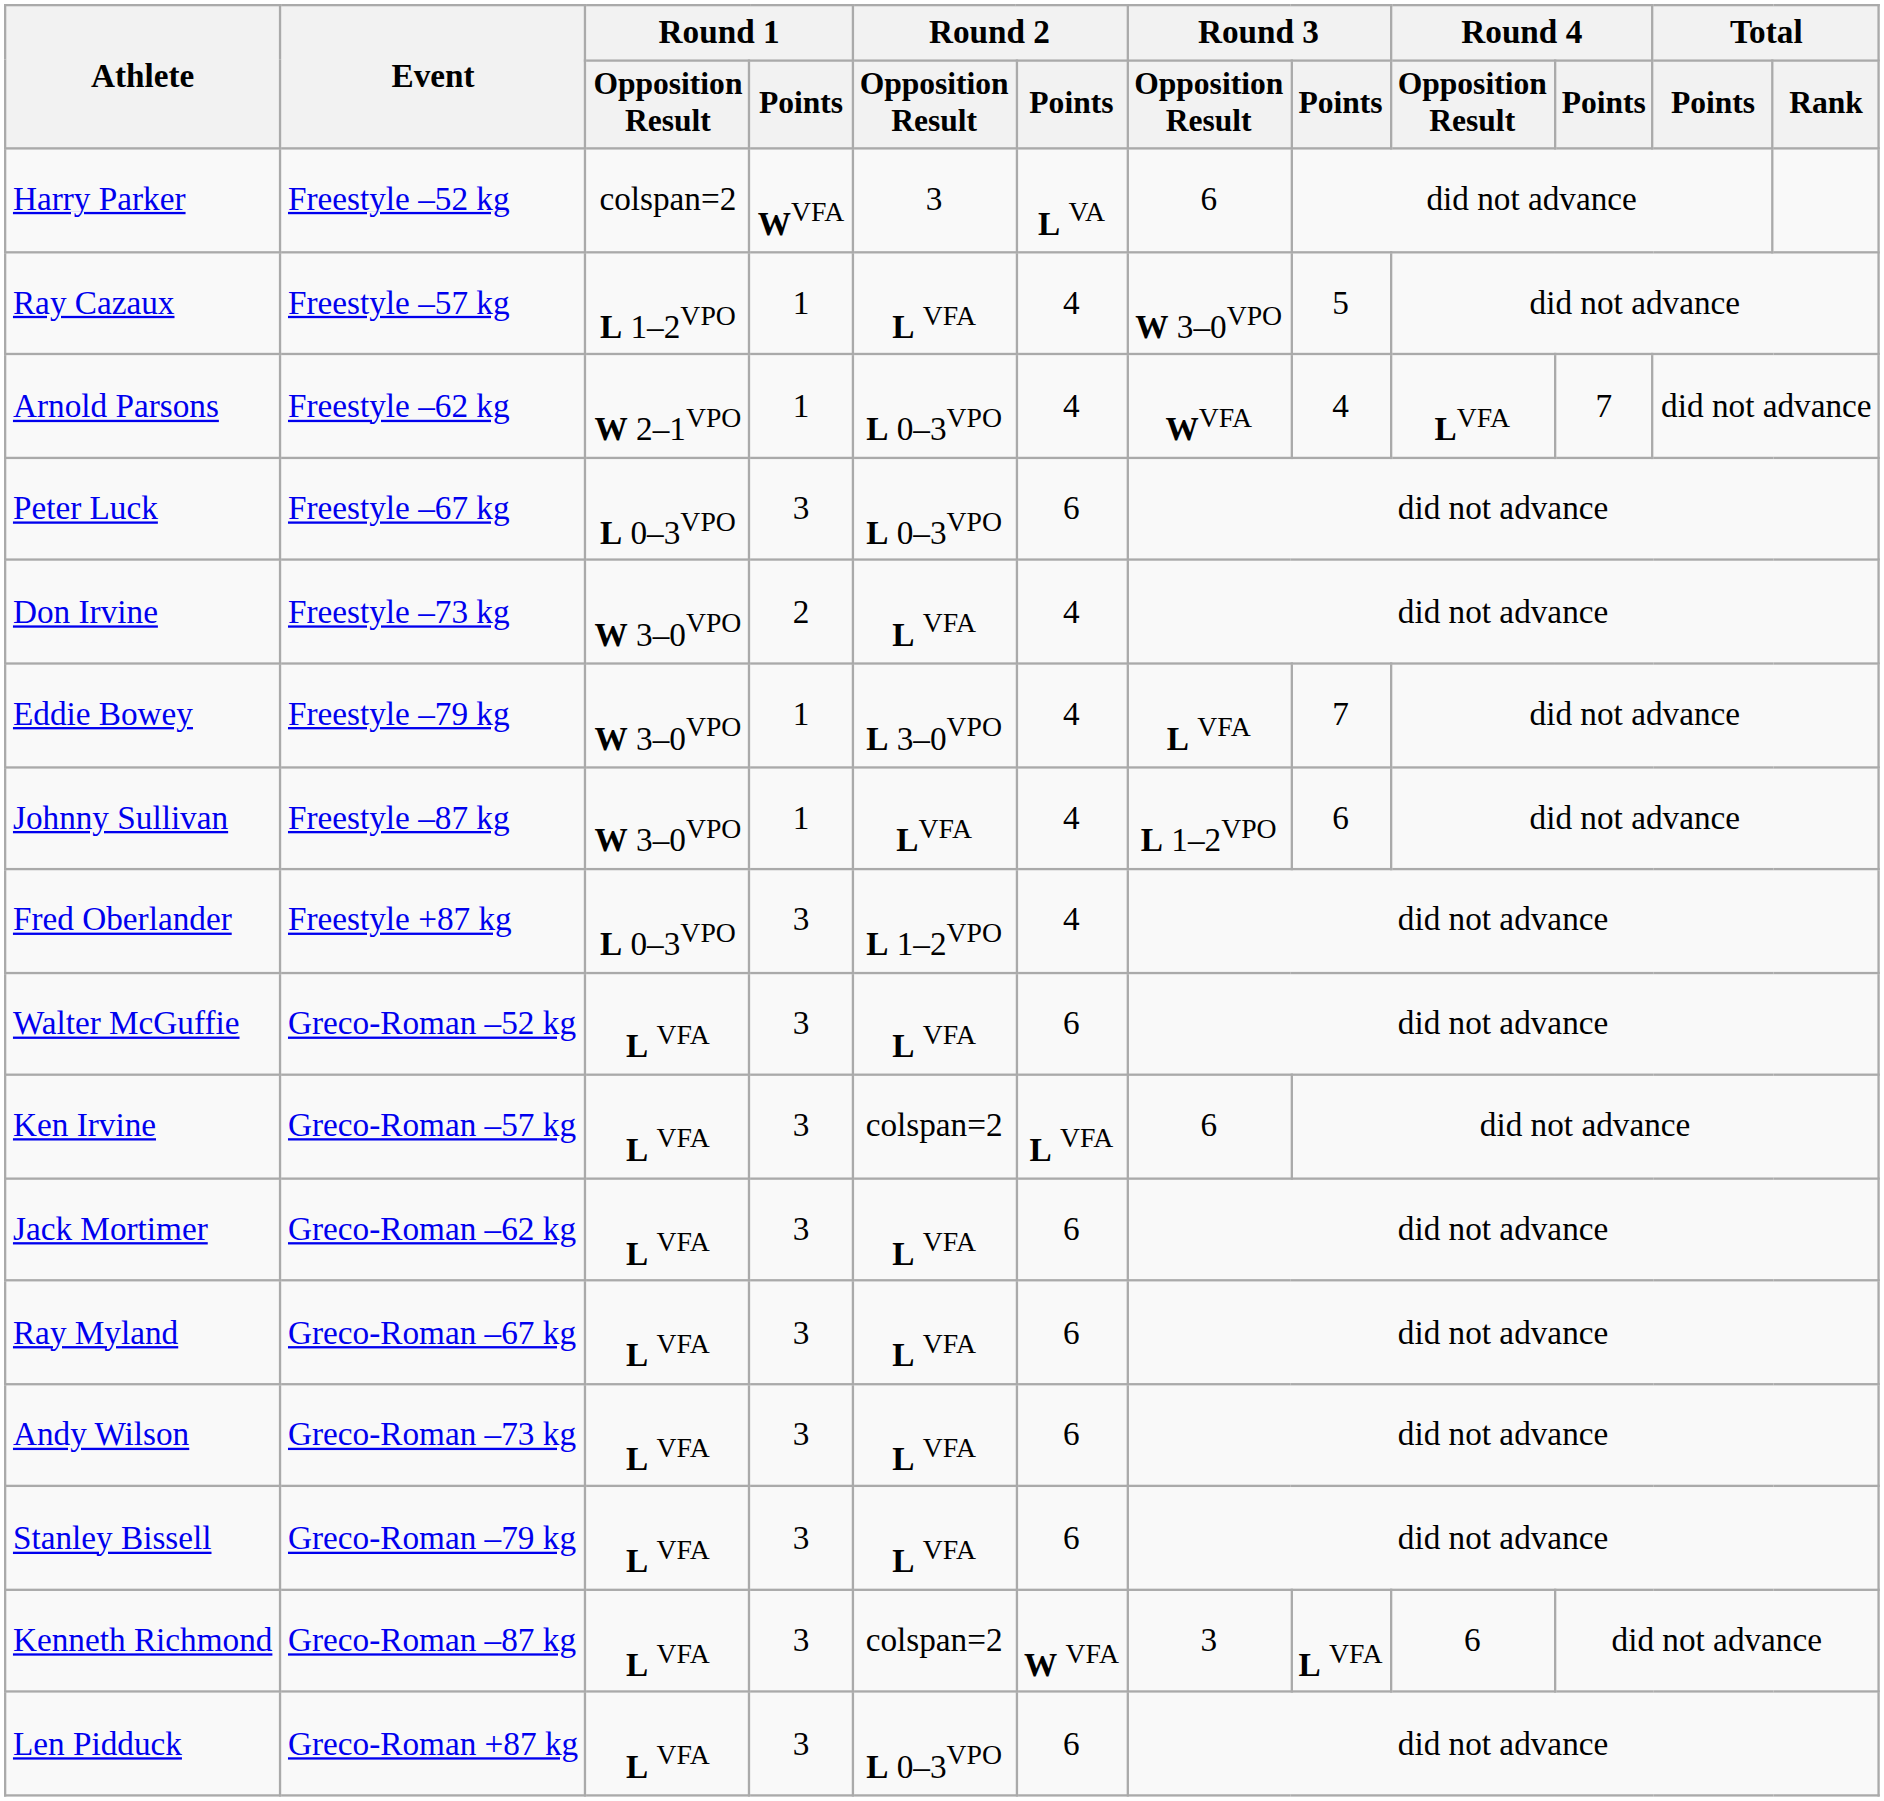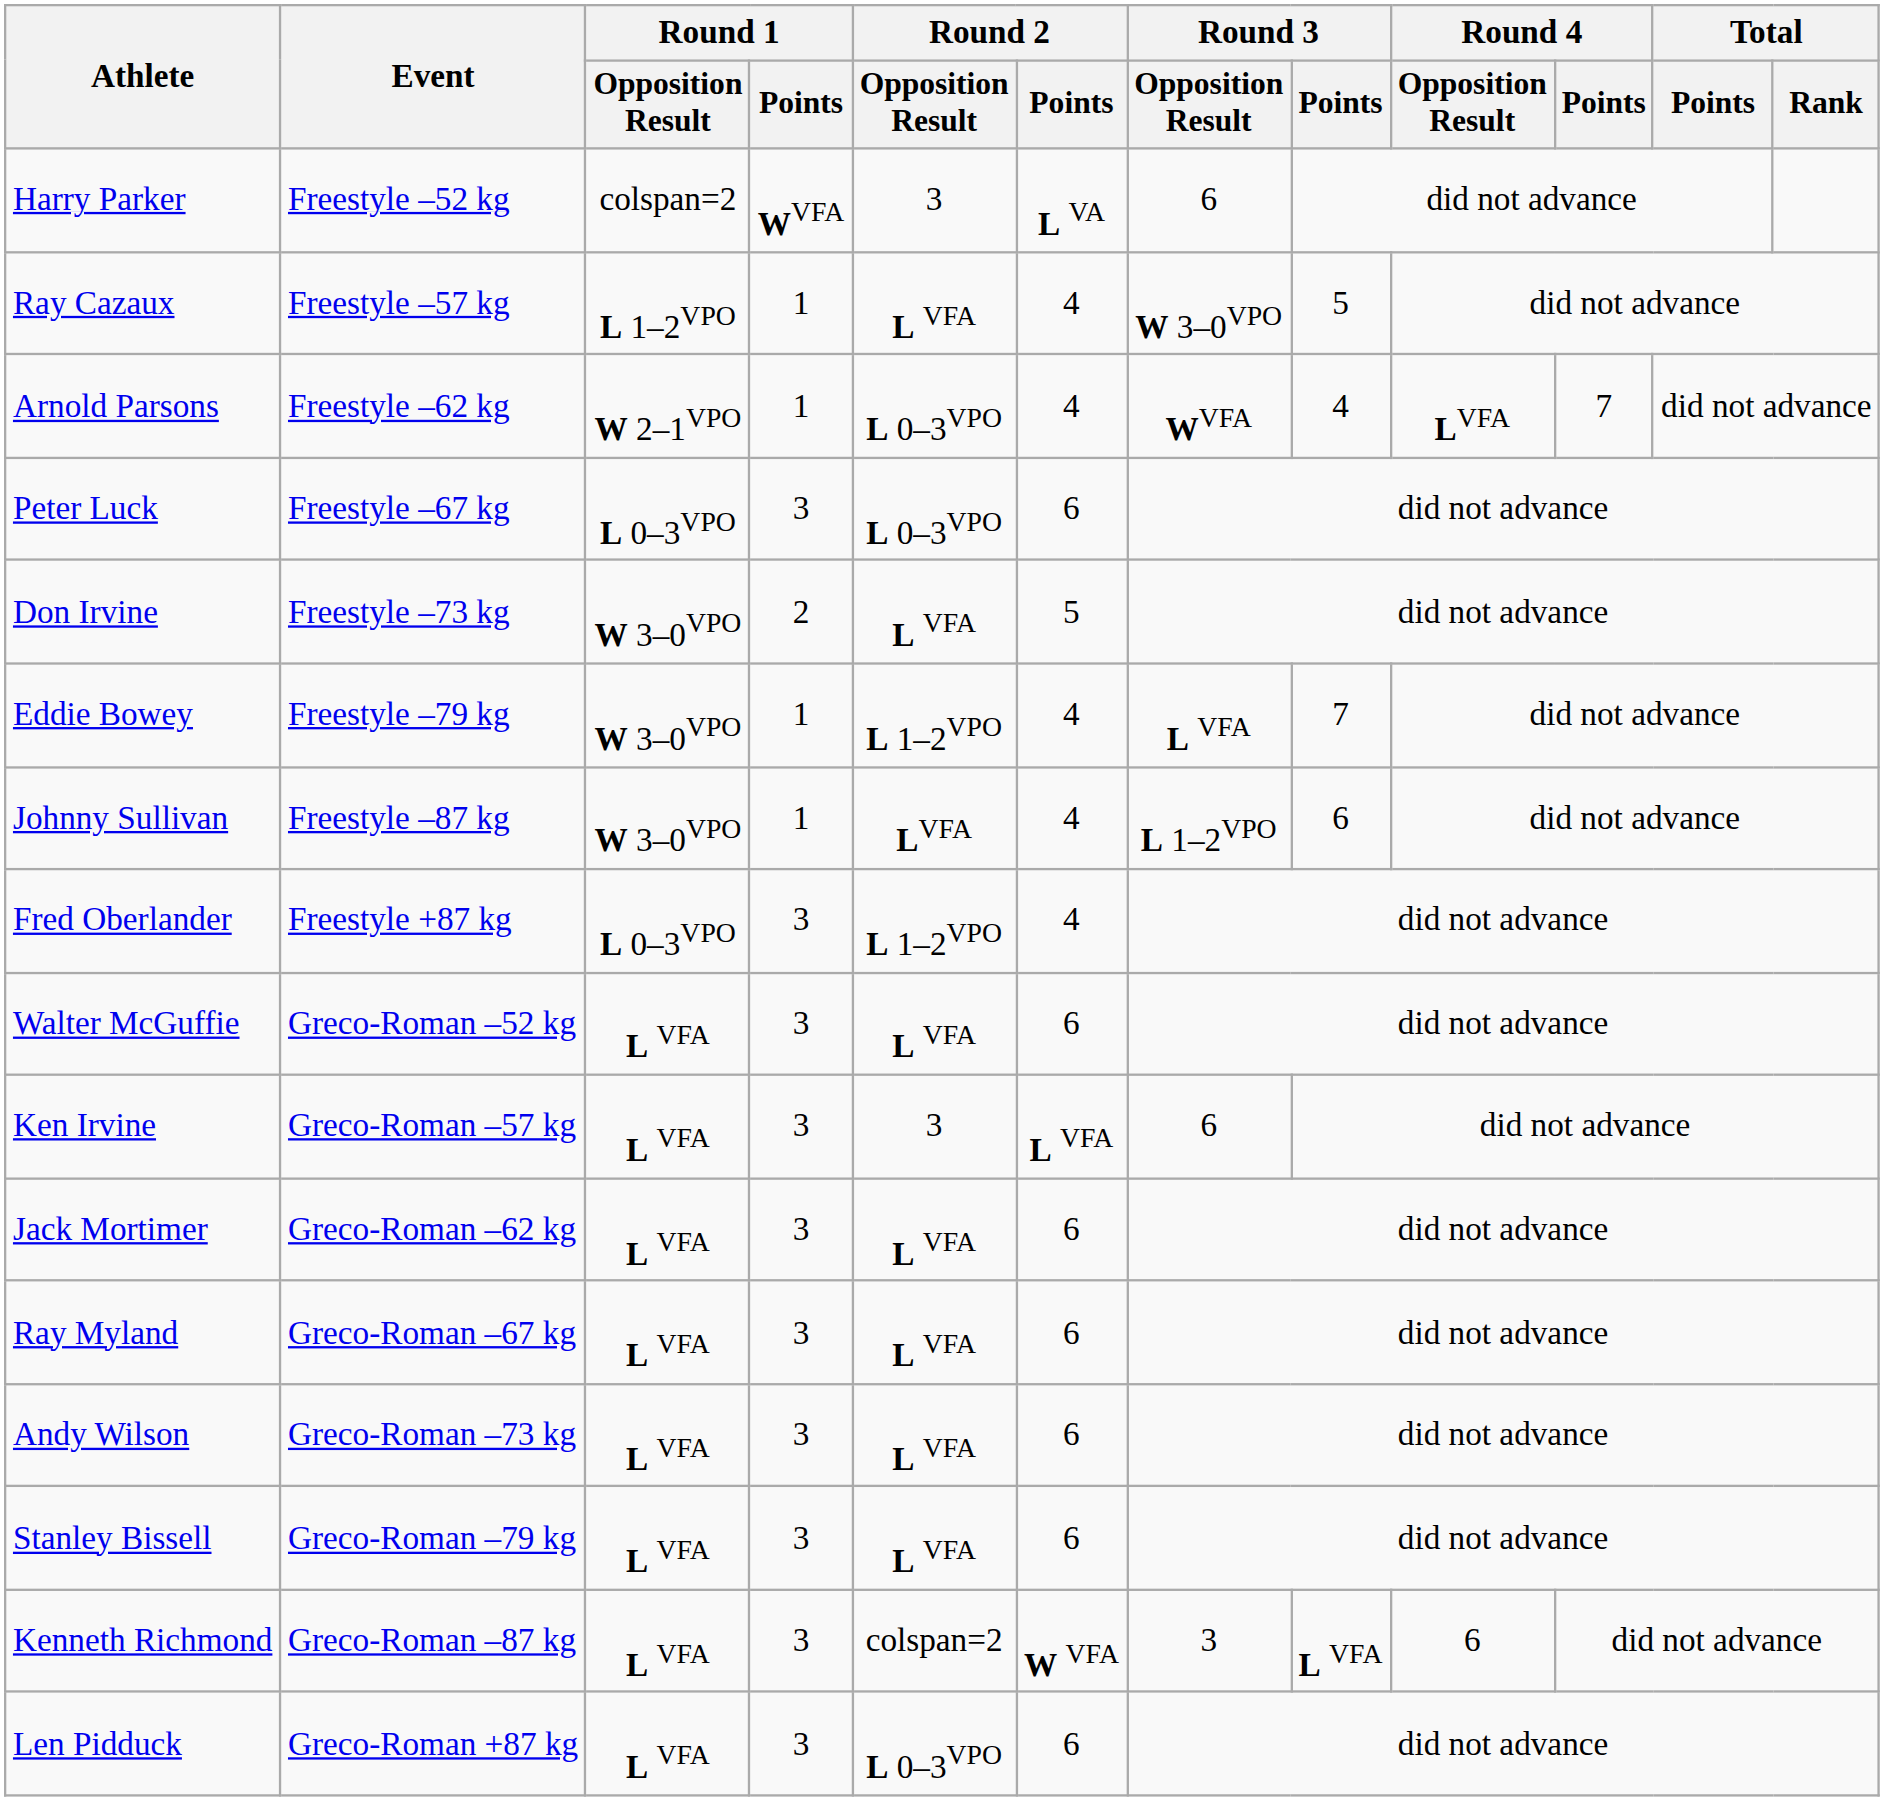 <table class=wikitable style=font-size:90%;text-align:center>
 <tr>
 <th rowspan=2>Athlete</th>
 <th rowspan=2>Event</th>
 <th colspan=2>Round 1</th>
 <th colspan=2>Round 2</th>
 <th colspan=2>Round 3</th>
 <th colspan=2>Round 4</th>
 <th colspan=2>Total</th>
 </tr>
 <tr style=font-size:95%>
 <th>Opposition<br>Result</th>
 <th>Points</th>
 <th>Opposition<br>Result</th>
 <th>Points</th>
 <th>Opposition<br>Result</th>
 <th>Points</th>
 <th>Opposition<br>Result</th>
 <th>Points</th>
 <th>Points</th>
 <th>Rank</th>
 </tr>
 <tr>
 <td align=left><a href='#'>Harry Parker</a></td>
 <td align=left><a href='#'>Freestyle –52 kg</a></td>
 <td>colspan=2 </td>
 <td><br><strong>W</strong><sup>VFA</sup></td>
 <td>3</td>
 <td><br><strong>L</strong> <sup>VA</sup></td>
 <td>6</td>
 <td colspan=4>did not advance</td>
 </tr>
 <tr>
 <td align=left><a href='#'>Ray Cazaux</a></td>
 <td align=left><a href='#'>Freestyle –57 kg</a></td>
 <td><br><strong>L</strong> 1–2<sup>VPO</sup></td>
 <td>1</td>
 <td><br><strong>L</strong> <sup>VFA</sup></td>
 <td>4</td>
 <td><br><strong>W</strong> 3–0<sup>VPO</sup></td>
 <td>5</td>
 <td colspan=4>did not advance</td>
 </tr>
 <tr>
 <td align=left><a href='#'>Arnold Parsons</a></td>
 <td align=left><a href='#'>Freestyle –62 kg</a></td>
 <td><br><strong>W</strong> 2–1<sup>VPO</sup></td>
 <td>1</td>
 <td><br><strong>L</strong> 0–3<sup>VPO</sup></td>
 <td>4</td>
 <td><br><strong>W</strong><sup>VFA</sup></td>
 <td>4</td>
 <td><br><strong>L</strong><sup>VFA</sup></td>
 <td>7</td>
 <td colspan=5>did not advance</td>
 </tr>
 <tr>
 <td align=left><a href='#'>Peter Luck</a></td>
 <td align=left><a href='#'>Freestyle –67 kg</a></td>
 <td><br><strong>L</strong> 0–3<sup>VPO</sup></td>
 <td>3</td>
 <td><br><strong>L</strong> 0–3<sup>VPO</sup></td>
 <td>6</td>
 <td colspan=9>did not advance</td>
 </tr>
 <tr>
 <td align=left><a href='#'>Don Irvine</a></td>
 <td align=left><a href='#'>Freestyle –73 kg</a></td>
 <td><br><strong>W</strong> 3–0<sup>VPO</sup></td>
 <td>2</td>
 <td><br><strong>L</strong> <sup>VFA</sup></td>
-<td>4</td>
+<td>5</td>
 <td colspan=9>did not advance</td>
 </tr>
 <tr>
 <td align=left><a href='#'>Eddie Bowey</a></td>
 <td align=left><a href='#'>Freestyle –79 kg</a></td>
 <td><br><strong>W</strong> 3–0<sup>VPO</sup></td>
 <td>1</td>
-<td><br><strong>L</strong> 3–0<sup>VPO</sup></td>
+<td><br><strong>L</strong> 1–2<sup>VPO</sup></td>
 <td>4</td>
 <td><br><strong>L</strong> <sup>VFA</sup></td>
 <td>7</td>
 <td colspan=7>did not advance</td>
 </tr>
 <tr>
 <td align=left><a href='#'>Johnny Sullivan</a></td>
 <td align=left><a href='#'>Freestyle –87 kg</a></td>
 <td><br><strong>W</strong> 3–0<sup>VPO</sup></td>
 <td>1</td>
 <td><br><strong>L</strong><sup>VFA</sup></td>
 <td>4</td>
 <td><br><strong>L</strong> 1–2<sup>VPO</sup></td>
 <td>6</td>
 <td colspan=7>did not advance</td>
 </tr>
 <tr>
 <td align=left><a href='#'>Fred Oberlander</a></td>
 <td align=left><a href='#'>Freestyle +87 kg</a></td>
 <td><br><strong>L</strong> 0–3<sup>VPO</sup></td>
 <td>3</td>
 <td><br><strong>L</strong> 1–2<sup>VPO</sup></td>
 <td>4</td>
 <td colspan=9>did not advance</td>
 </tr>
 <tr>
 <td align=left><a href='#'>Walter McGuffie</a></td>
 <td align=left><a href='#'>Greco-Roman –52 kg</a></td>
 <td><br><strong>L</strong> <sup>VFA</sup></td>
 <td>3</td>
 <td><br><strong>L</strong> <sup>VFA</sup></td>
 <td>6</td>
 <td colspan=9>did not advance</td>
 </tr>
 <tr>
 <td align=left><a href='#'>Ken Irvine</a></td>
 <td align=left><a href='#'>Greco-Roman –57 kg</a></td>
 <td><br><strong>L</strong> <sup>VFA</sup></td>
 <td>3</td>
-<td>colspan=2 </td>
+<td>3</td>
 <td><br><strong>L</strong> <sup>VFA</sup></td>
 <td>6</td>
 <td colspan=7>did not advance</td>
 </tr>
 <tr>
 <td align=left><a href='#'>Jack Mortimer</a></td>
 <td align=left><a href='#'>Greco-Roman –62 kg</a></td>
 <td><br><strong>L</strong> <sup>VFA</sup></td>
 <td>3</td>
 <td><br><strong>L</strong> <sup>VFA</sup></td>
 <td>6</td>
 <td colspan=9>did not advance</td>
 </tr>
 <tr>
 <td align=left><a href='#'>Ray Myland</a></td>
 <td align=left><a href='#'>Greco-Roman –67 kg</a></td>
 <td><br><strong>L</strong> <sup>VFA</sup></td>
 <td>3</td>
 <td><br><strong>L</strong> <sup>VFA</sup></td>
 <td>6</td>
 <td colspan=9>did not advance</td>
 </tr>
 <tr>
 <td align=left><a href='#'>Andy Wilson</a></td>
 <td align=left><a href='#'>Greco-Roman –73 kg</a></td>
 <td><br><strong>L</strong> <sup>VFA</sup></td>
 <td>3</td>
 <td><br><strong>L</strong> <sup>VFA</sup></td>
 <td>6</td>
 <td colspan=9>did not advance</td>
 </tr>
 <tr>
 <td align=left><a href='#'>Stanley Bissell</a></td>
 <td align=left><a href='#'>Greco-Roman –79 kg</a></td>
 <td><br><strong>L</strong> <sup>VFA</sup></td>
 <td>3</td>
 <td><br><strong>L</strong> <sup>VFA</sup></td>
 <td>6</td>
 <td colspan=9>did not advance</td>
 </tr>
 <tr>
 <td align=left><a href='#'>Kenneth Richmond</a></td>
 <td align=left><a href='#'>Greco-Roman –87 kg</a></td>
 <td><br><strong>L</strong> <sup>VFA</sup></td>
 <td>3</td>
 <td>colspan=2 </td>
 <td><br><strong>W</strong> <sup>VFA</sup></td>
 <td>3</td>
 <td><br><strong>L</strong> <sup>VFA</sup></td>
 <td>6</td>
 <td colspan=5>did not advance</td>
 </tr>
 <tr>
 <td align=left><a href='#'>Len Pidduck</a></td>
 <td align=left><a href='#'>Greco-Roman +87 kg</a></td>
 <td><br><strong>L</strong> <sup>VFA</sup></td>
 <td>3</td>
 <td><br><strong>L</strong> 0–3<sup>VPO</sup></td>
 <td>6</td>
 <td colspan=9>did not advance</td>
 </tr>
 </table>
